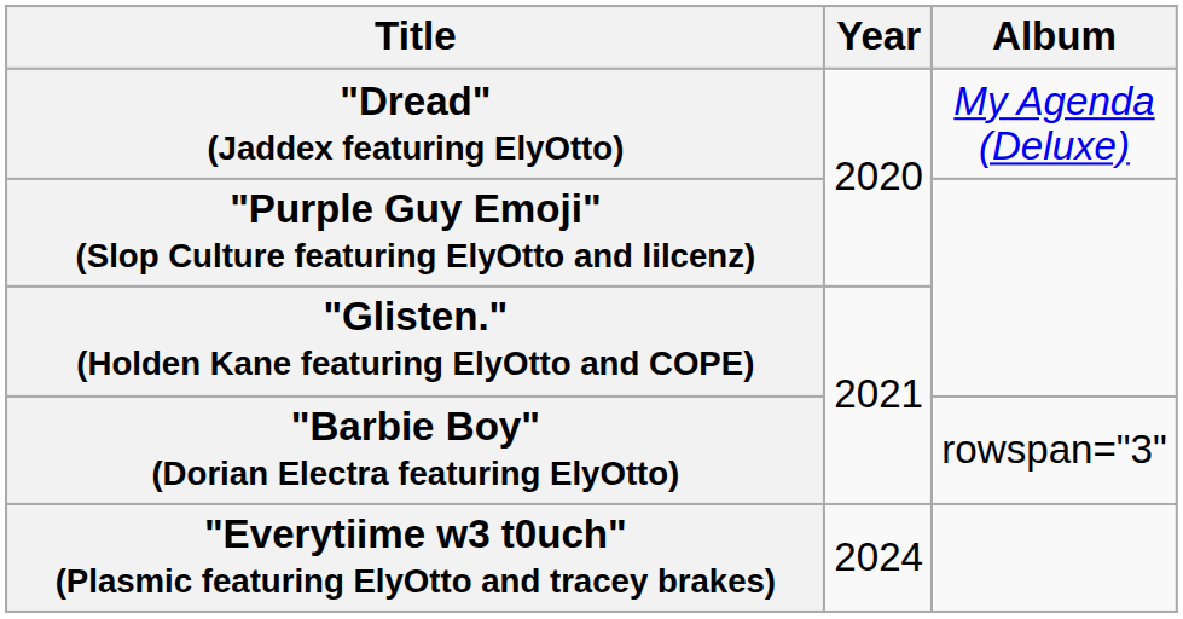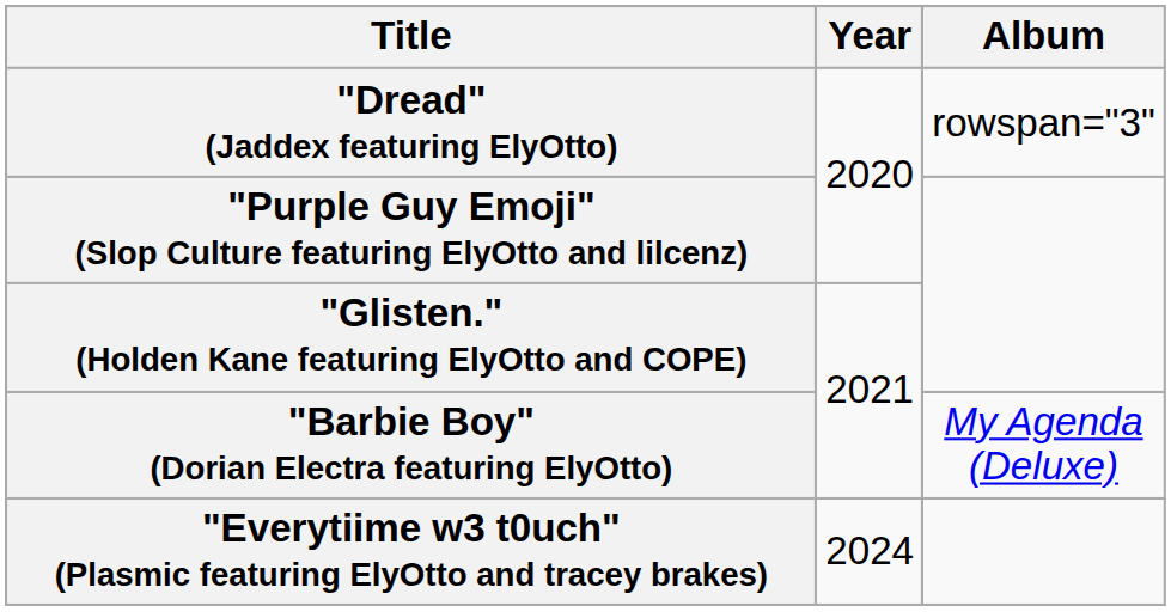 <table class="wikitable plainrowheaders" style="text-align:center;">
 <tr>
 <th rowspan="1" style="width:20em;">Title</th>
 <th rowspan="1" style="width:1em;">Year</th>
 <th rowspan="1" style="width:5em;">Album</th>
 </tr>
 <tr>
 <th scope="row">"Dread"<br><small>(Jaddex featuring ElyOtto)</small></th>
 <td rowspan="2">2020</td>
-<td><em><a href='#'>My Agenda (Deluxe)</a></em></td>
+<td>rowspan="3" </td>
 </tr>
 <tr>
 <th scope="row">"Purple Guy Emoji"<br><small>(Slop Culture featuring ElyOtto and lilcenz)</small></th>
 </tr>
 <tr>
 <th scope="row">"Glisten."<br><small>(Holden Kane featuring ElyOtto and COPE)</small></th>
 <td rowspan="2">2021</td>
 </tr>
 <tr>
 <th scope="row">"Barbie Boy"<br><small>(Dorian Electra featuring ElyOtto)</small></th>
-<td>rowspan="3" </td>
+<td><em><a href='#'>My Agenda (Deluxe)</a></em></td>
 </tr>
 <tr>
 <th scope="row">"Everytiime w3 t0uch" <br><small>(Plasmic featuring ElyOtto and tracey brakes)</small></th>
 <td rowspan="1">2024</td>
 <td></td>
 </tr>
 </table>
